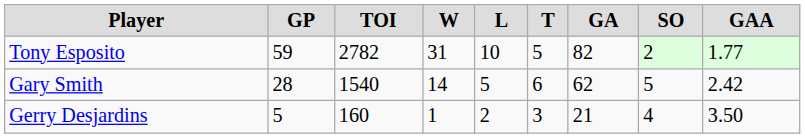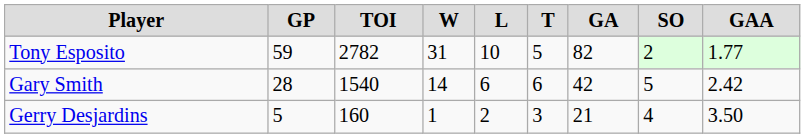 <table class="wikitable" width="50%">
 <tr align="center"  bgcolor="#dddddd">
 <td><strong>Player</strong></td>
 <td><strong>GP</strong></td>
 <td><strong>TOI</strong></td>
 <td><strong>W</strong></td>
 <td><strong>L</strong></td>
 <td><strong>T</strong></td>
 <td><strong>GA</strong></td>
 <td><strong>SO</strong></td>
 <td><strong>GAA</strong></td>
 </tr>
 <tr>
 <td><a href='#'>Tony Esposito</a></td>
 <td>59</td>
 <td>2782</td>
 <td>31</td>
 <td>10</td>
 <td>5</td>
 <td>82</td>
 <td style="background:#DDFFDD;">2</td>
 <td style="background:#DDFFDD;">1.77</td>
 </tr>
 <tr>
 <td><a href='#'>Gary Smith</a></td>
 <td>28</td>
 <td>1540</td>
 <td>14</td>
-<td>5</td>
 <td>6</td>
-<td>62</td>
+<td>6</td>
+<td>42</td>
 <td>5</td>
 <td>2.42</td>
 </tr>
 <tr>
 <td><a href='#'>Gerry Desjardins</a></td>
 <td>5</td>
 <td>160</td>
 <td>1</td>
 <td>2</td>
 <td>3</td>
 <td>21</td>
 <td>4</td>
 <td>3.50</td>
 </tr>
 </table>
